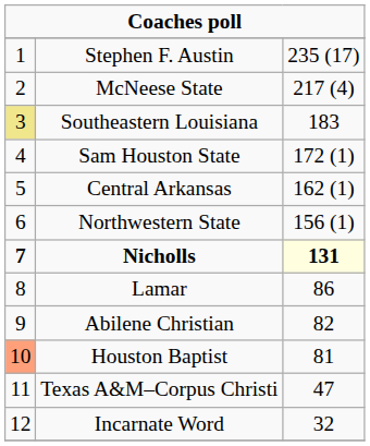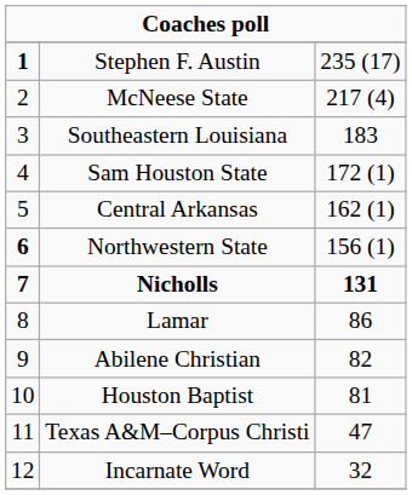 <table class="wikitable">
 <tr align="center">
 <td align="center" Colspan="3"><strong>Coaches poll</strong></td>
 </tr>
 <tr align="center">
 </tr>
 <tr align="center">
-<td>1</td>
+<td><strong>1</strong></td>
 <td>Stephen F. Austin</td>
 <td>235 (17)</td>
 </tr>
 <tr align="center">
 <td>2</td>
 <td>McNeese State</td>
 <td>217 (4)</td>
 </tr>
 <tr align="center">
-<td style="background: khaki;">3</td>
+<td>3</td>
 <td>Southeastern Louisiana</td>
 <td>183</td>
 </tr>
 <tr align="center">
 <td>4</td>
 <td>Sam Houston State</td>
 <td>172 (1)</td>
 </tr>
 <tr align="center">
 <td>5</td>
 <td>Central Arkansas</td>
 <td>162 (1)</td>
 </tr>
 <tr align="center">
-<td>6</td>
+<td><strong>6</strong></td>
 <td>Northwestern State</td>
 <td>156 (1)</td>
 </tr>
 <tr align="center">
 <td><strong>7</strong></td>
 <td><strong>Nicholls</strong></td>
-<td style="background: lightyellow;"><strong>131</strong></td>
+<td><strong>131</strong></td>
 </tr>
 <tr align="center">
 <td>8</td>
 <td>Lamar</td>
 <td>86</td>
 </tr>
 <tr align="center">
 <td>9</td>
 <td>Abilene Christian</td>
 <td>82</td>
 </tr>
 <tr align="center">
-<td style="background: lightsalmon;">10</td>
+<td>10</td>
 <td>Houston Baptist</td>
 <td>81</td>
 </tr>
 <tr align="center">
 <td>11</td>
 <td>Texas A&M–Corpus Christi</td>
 <td>47</td>
 </tr>
 <tr align="center">
 <td>12</td>
 <td>Incarnate Word</td>
 <td>32</td>
 </tr>
 <tr align="center">
 </tr>
 </table>
